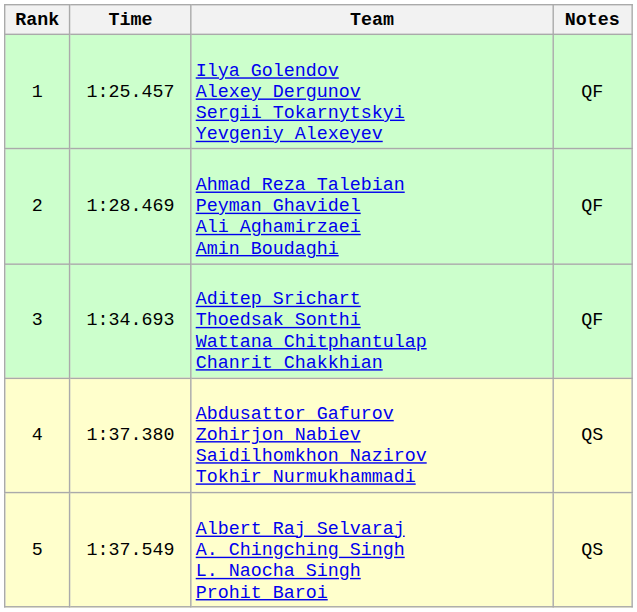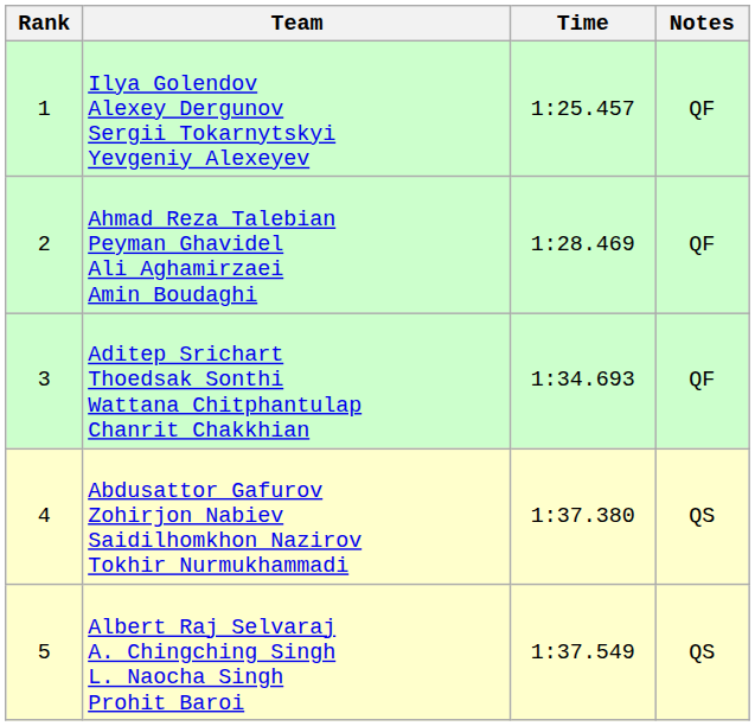 <table class=wikitable style="text-align:center">
 <tr>
 <th width=40>Rank</th>
+<th width=250>Team</th>
 <th width=80>Time</th>
-<th width=250>Team</th>
 <th width=50>Notes</th>
 </tr>
 <tr bgcolor="ccffcc">
 <td>1</td>
+<td align=left><br><a href='#'>Ilya Golendov</a><br><a href='#'>Alexey Dergunov</a><br><a href='#'>Sergii Tokarnytskyi</a><br><a href='#'>Yevgeniy Alexeyev</a></td>
 <td>1:25.457</td>
-<td align=left><br><a href='#'>Ilya Golendov</a><br><a href='#'>Alexey Dergunov</a><br><a href='#'>Sergii Tokarnytskyi</a><br><a href='#'>Yevgeniy Alexeyev</a></td>
 <td>QF</td>
 </tr>
 <tr bgcolor="ccffcc">
 <td>2</td>
+<td align=left><br><a href='#'>Ahmad Reza Talebian</a><br><a href='#'>Peyman Ghavidel</a><br><a href='#'>Ali Aghamirzaei</a><br><a href='#'>Amin Boudaghi</a></td>
 <td>1:28.469</td>
-<td align=left><br><a href='#'>Ahmad Reza Talebian</a><br><a href='#'>Peyman Ghavidel</a><br><a href='#'>Ali Aghamirzaei</a><br><a href='#'>Amin Boudaghi</a></td>
 <td>QF</td>
 </tr>
 <tr bgcolor="ccffcc">
 <td>3</td>
+<td align=left><br><a href='#'>Aditep Srichart</a><br><a href='#'>Thoedsak Sonthi</a><br><a href='#'>Wattana Chitphantulap</a><br><a href='#'>Chanrit Chakkhian</a></td>
 <td>1:34.693</td>
-<td align=left><br><a href='#'>Aditep Srichart</a><br><a href='#'>Thoedsak Sonthi</a><br><a href='#'>Wattana Chitphantulap</a><br><a href='#'>Chanrit Chakkhian</a></td>
 <td>QF</td>
 </tr>
 <tr bgcolor="#ffffcc">
 <td>4</td>
+<td align=left><br><a href='#'>Abdusattor Gafurov</a><br><a href='#'>Zohirjon Nabiev</a><br><a href='#'>Saidilhomkhon Nazirov</a><br><a href='#'>Tokhir Nurmukhammadi</a></td>
 <td>1:37.380</td>
-<td align=left><br><a href='#'>Abdusattor Gafurov</a><br><a href='#'>Zohirjon Nabiev</a><br><a href='#'>Saidilhomkhon Nazirov</a><br><a href='#'>Tokhir Nurmukhammadi</a></td>
 <td>QS</td>
 </tr>
 <tr bgcolor="#ffffcc">
 <td>5</td>
+<td align=left><br><a href='#'>Albert Raj Selvaraj</a><br><a href='#'>A. Chingching Singh</a><br><a href='#'>L. Naocha Singh</a><br><a href='#'>Prohit Baroi</a></td>
 <td>1:37.549</td>
-<td align=left><br><a href='#'>Albert Raj Selvaraj</a><br><a href='#'>A. Chingching Singh</a><br><a href='#'>L. Naocha Singh</a><br><a href='#'>Prohit Baroi</a></td>
 <td>QS</td>
 </tr>
 </table>
